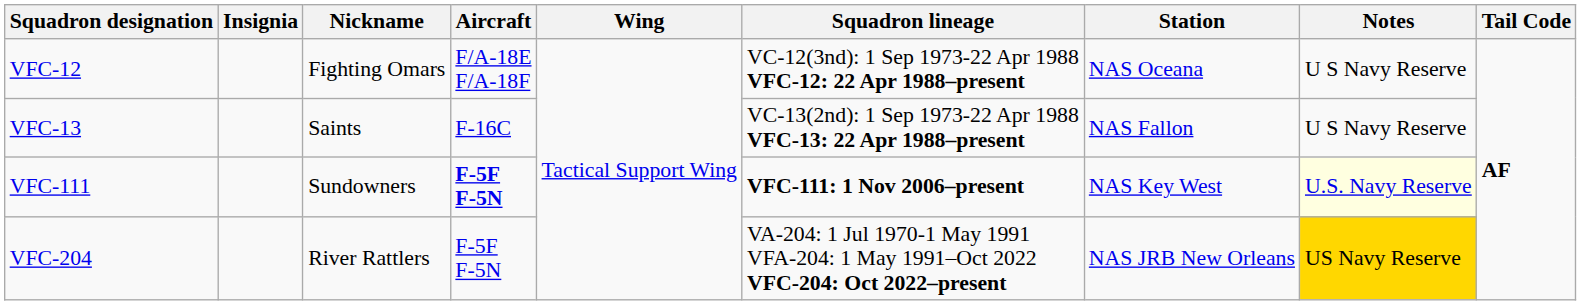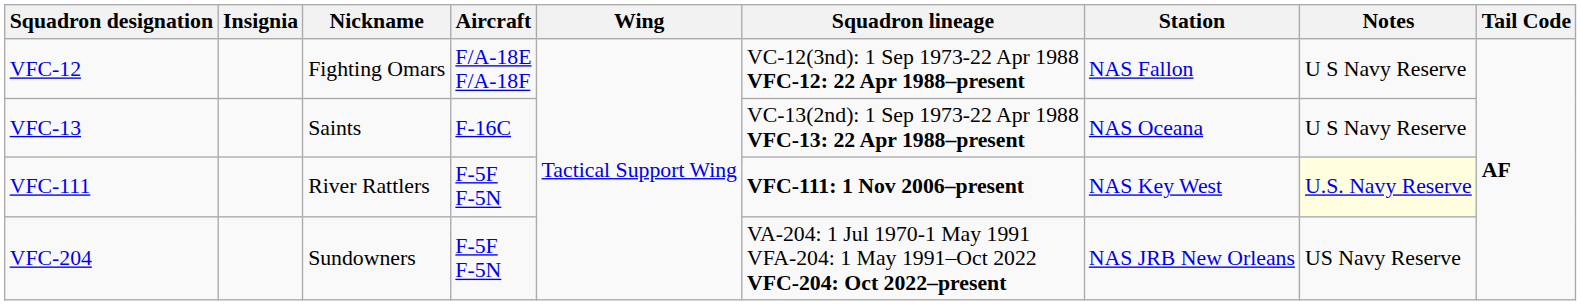 <table class="wikitable">
 <tr>
 <th>Squadron designation</th>
 <th>Insignia</th>
 <th>Nickname</th>
 <th>Aircraft</th>
 <th>Wing</th>
 <th>Squadron lineage</th>
 <th>Station</th>
 <th>Notes</th>
 <th>Tail Code</th>
 </tr>
 <tr>
 <td><a href='#'>VFC-12</a></td>
 <td></td>
 <td>Fighting Omars</td>
 <td style="white-space: nowrap;"><a href='#'>F/A-18E</a><br><a href='#'>F/A-18F</a></td>
 <td rowspan="4" style="white-space: nowrap;"><a href='#'>Tactical Support Wing</a></td>
 <td style="white-space: nowrap;">VC-12(3nd): 1 Sep 1973-22 Apr 1988<br><strong>VFC-12: 22 Apr 1988–present</strong></td>
-<td><a href='#'>NAS Oceana</a></td>
+<td><a href='#'>NAS Fallon</a></td>
 <td>U S Navy Reserve</td>
 <td rowspan="4"><strong>AF</strong></td>
 </tr>
 <tr>
 <td><a href='#'>VFC-13</a></td>
 <td></td>
 <td>Saints</td>
 <td><a href='#'>F-16C</a></td>
 <td>VC-13(2nd): 1 Sep 1973-22 Apr 1988<br><strong>VFC-13: 22 Apr 1988–present</strong></td>
-<td><a href='#'>NAS Fallon</a></td>
+<td><a href='#'>NAS Oceana</a></td>
 <td>U S Navy Reserve</td>
 </tr>
 <tr>
 <td><a href='#'>VFC-111</a></td>
 <td></td>
-<td>Sundowners</td>
-<td><strong><a href='#'>F-5F<br>F-5N</a></strong></td>
+<td>River Rattlers</td>
+<td><a href='#'>F-5F<br>F-5N</a></td>
 <td><strong>VFC-111: 1 Nov 2006–present</strong></td>
 <td><a href='#'>NAS Key West</a></td>
 <td style="background: lightyellow;"><a href='#'>U.S. Navy Reserve</a><br></td>
 </tr>
 <tr>
 <td><a href='#'>VFC-204</a></td>
 <td></td>
-<td>River Rattlers</td>
+<td>Sundowners</td>
 <td><a href='#'>F-5F<br>F-5N</a></td>
 <td>VA-204: 1 Jul 1970-1 May 1991<br>VFA-204: 1 May 1991–Oct 2022<br><strong>VFC-204: Oct 2022–present</strong></td>
 <td><a href='#'>NAS JRB New Orleans</a></td>
-<td style="background: gold;">US Navy Reserve</td>
+<td>US Navy Reserve</td>
 </tr>
 </table>
